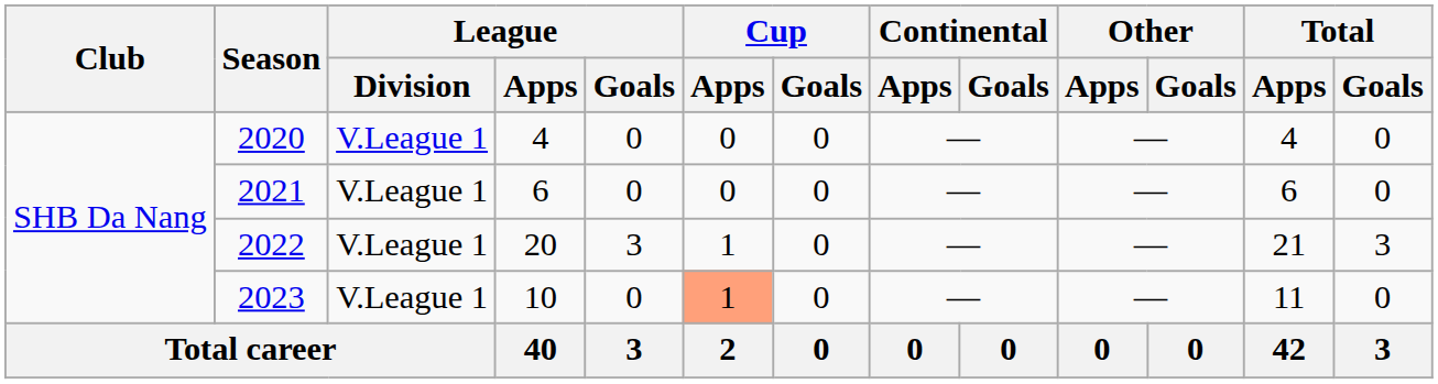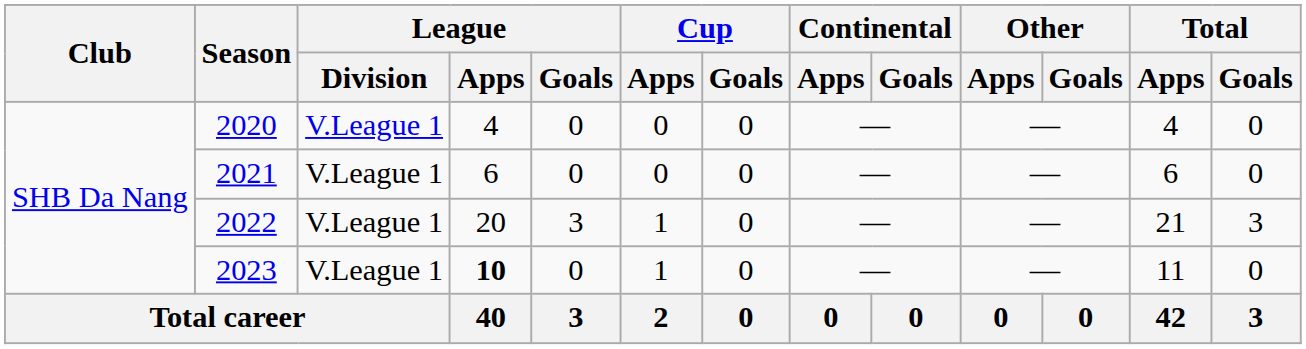 <table class="wikitable" style="text-align: center">
 <tr>
 <th rowspan="2">Club</th>
 <th rowspan="2">Season</th>
 <th colspan="3">League</th>
 <th colspan="2"><a href='#'>Cup</a></th>
 <th colspan="2">Continental</th>
 <th colspan="2">Other</th>
 <th colspan="2">Total</th>
 </tr>
 <tr>
 <th>Division</th>
 <th>Apps</th>
 <th>Goals</th>
 <th>Apps</th>
 <th>Goals</th>
 <th>Apps</th>
 <th>Goals</th>
 <th>Apps</th>
 <th>Goals</th>
 <th>Apps</th>
 <th>Goals</th>
 </tr>
 <tr>
 <td rowspan=4><a href='#'>SHB Da Nang</a></td>
 <td><a href='#'>2020</a></td>
 <td><a href='#'>V.League 1</a></td>
 <td>4</td>
 <td>0</td>
 <td>0</td>
 <td>0</td>
 <td colspan="2">—</td>
 <td colspan="2">—</td>
 <td>4</td>
 <td>0</td>
 </tr>
 <tr>
 <td><a href='#'>2021</a></td>
 <td>V.League 1</td>
 <td>6</td>
 <td>0</td>
 <td>0</td>
 <td>0</td>
 <td colspan="2">—</td>
 <td colspan="2">—</td>
 <td>6</td>
 <td>0</td>
 </tr>
 <tr>
 <td><a href='#'>2022</a></td>
 <td>V.League 1</td>
 <td>20</td>
 <td>3</td>
 <td>1</td>
 <td>0</td>
 <td colspan="2">—</td>
 <td colspan="2">—</td>
 <td>21</td>
 <td>3</td>
 </tr>
 <tr>
 <td><a href='#'>2023</a></td>
 <td>V.League 1</td>
-<td>10</td>
+<td><strong>10</strong></td>
 <td>0</td>
-<td style="background: lightsalmon;">1</td>
+<td>1</td>
 <td>0</td>
 <td colspan="2">—</td>
 <td colspan="2">—</td>
 <td>11</td>
 <td>0</td>
 </tr>
 <tr>
 <th colspan=3>Total career</th>
 <th>40</th>
 <th>3</th>
 <th>2</th>
 <th>0</th>
 <th>0</th>
 <th>0</th>
 <th>0</th>
 <th>0</th>
 <th>42</th>
 <th>3</th>
 </tr>
 </table>
